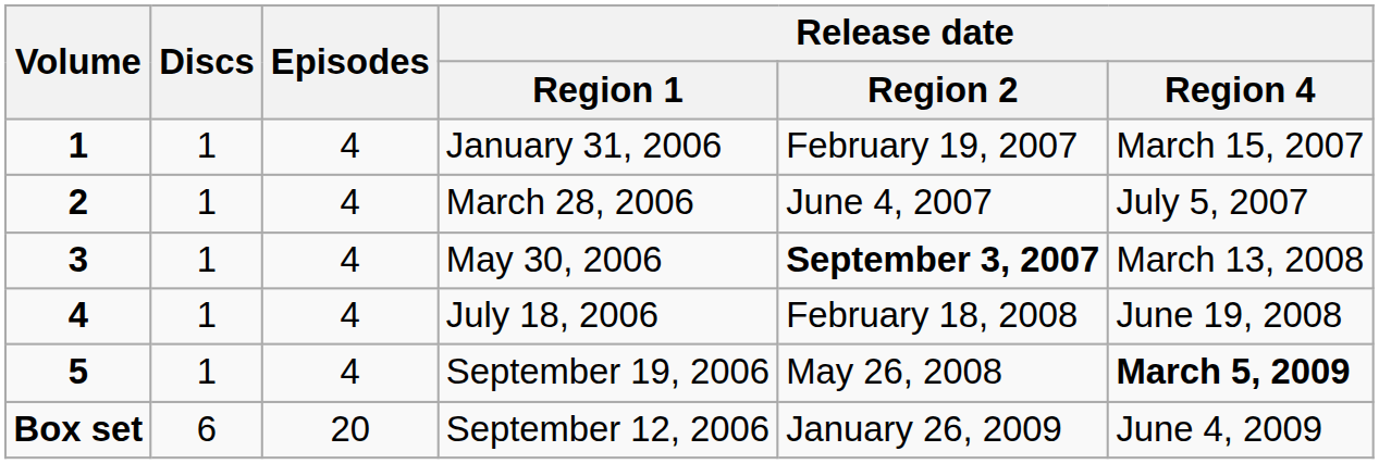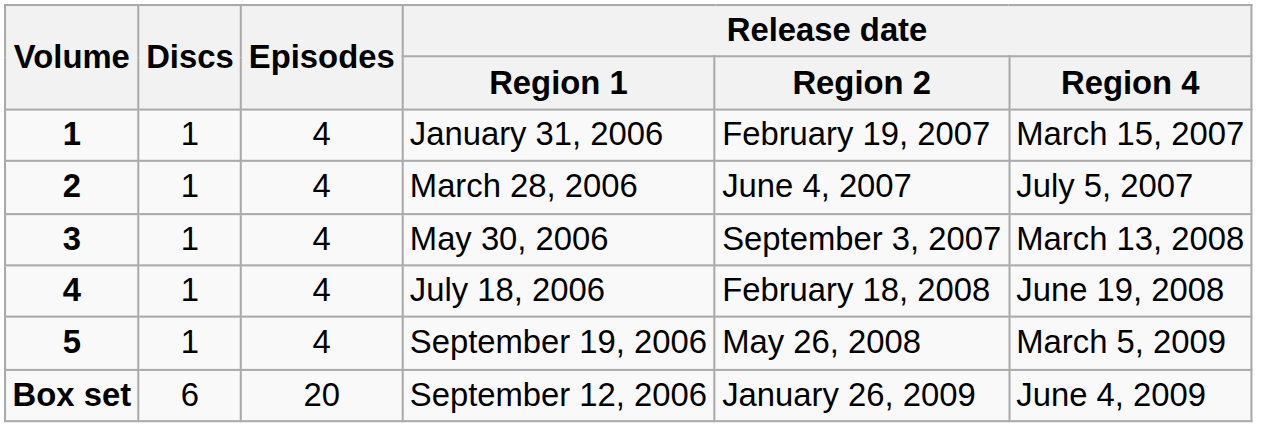 <table class="wikitable">
 <tr>
 <th rowspan=2><strong>Volume</strong></th>
 <th rowspan=2><strong>Discs</strong></th>
 <th rowspan=2><strong>Episodes</strong></th>
 <th colspan=3><strong>Release date</strong></th>
 </tr>
 <tr>
 <th>Region 1</th>
 <th>Region 2</th>
 <th>Region 4</th>
 </tr>
 <tr>
 <td align=center><strong>1</strong></td>
 <td align=center>1</td>
 <td align=center>4</td>
 <td>January 31, 2006</td>
 <td>February 19, 2007</td>
 <td>March 15, 2007</td>
 </tr>
 <tr>
 <td align=center><strong>2</strong></td>
 <td align=center>1</td>
 <td align=center>4</td>
 <td>March 28, 2006</td>
 <td>June 4, 2007</td>
 <td>July 5, 2007</td>
 </tr>
 <tr>
 <td align=center><strong>3</strong></td>
 <td align=center>1</td>
 <td align=center>4</td>
 <td>May 30, 2006</td>
-<td><strong>September 3, 2007</strong></td>
+<td>September 3, 2007</td>
 <td>March 13, 2008</td>
 </tr>
 <tr>
 <td align=center><strong>4</strong></td>
 <td align=center>1</td>
 <td align=center>4</td>
 <td>July 18, 2006</td>
 <td>February 18, 2008</td>
 <td>June 19, 2008</td>
 </tr>
 <tr>
 <td align=center><strong>5</strong></td>
 <td align=center>1</td>
 <td align=center>4</td>
 <td>September 19, 2006</td>
 <td>May 26, 2008</td>
-<td><strong>March 5, 2009</strong></td>
+<td>March 5, 2009</td>
 </tr>
 <tr>
 <td align=center><strong>Box set</strong></td>
 <td align=center>6</td>
 <td align=center>20</td>
 <td>September 12, 2006</td>
 <td>January 26, 2009</td>
 <td>June 4, 2009</td>
 </tr>
 </table>
